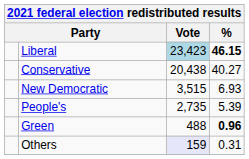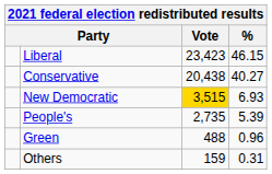 <table class="wikitable">
 <tr>
 <th colspan="4"><a href='#'>2021 federal election</a> redistributed results</th>
 </tr>
 <tr>
 <th bgcolor="#DDDDFF" width="130px" colspan="2">Party</th>
 <th bgcolor="#DDDDFF" width="50px">Vote</th>
 <th bgcolor="#DDDDFF" width="30px">%</th>
 </tr>
 <tr>
 <td> </td>
 <td><a href='#'>Liberal</a></td>
-<td align=right style="background: lightblue;">23,423</td>
-<td align=right><strong>46.15</strong></td>
+<td align=right>23,423</td>
+<td align=right>46.15</td>
 </tr>
 <tr>
 <td> </td>
 <td><a href='#'>Conservative</a></td>
 <td align=right>20,438</td>
 <td align=right>40.27</td>
 </tr>
 <tr>
 <td> </td>
 <td><a href='#'>New Democratic</a></td>
-<td align=right>3,515</td>
+<td align=right style="background: gold;">3,515</td>
 <td align=right>6.93</td>
 </tr>
 <tr>
 <td> </td>
 <td><a href='#'>People's</a></td>
 <td align=right>2,735</td>
 <td align=right>5.39</td>
 </tr>
 <tr>
 <td> </td>
 <td><a href='#'>Green</a></td>
 <td align=right>488</td>
-<td align=right><strong>0.96</strong></td>
+<td align=right>0.96</td>
 </tr>
 <tr>
 <td> </td>
 <td>Others</td>
-<td align=right style="background: lavender;">159</td>
+<td align=right>159</td>
 <td align=right>0.31</td>
 </tr>
 </table>
